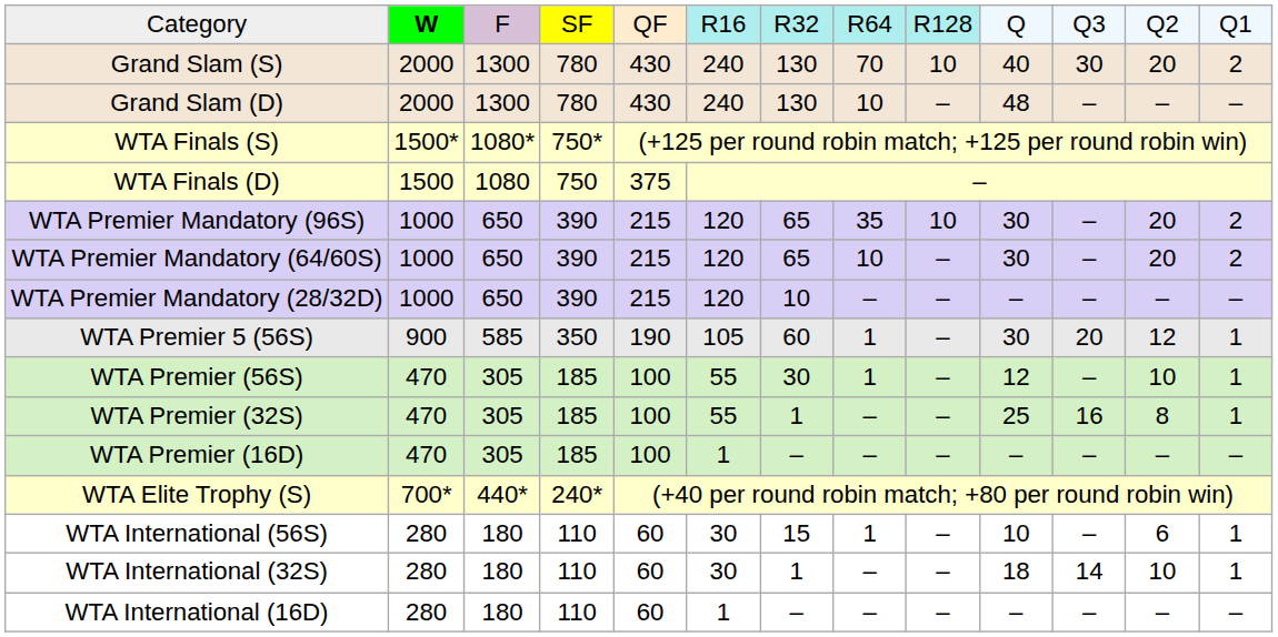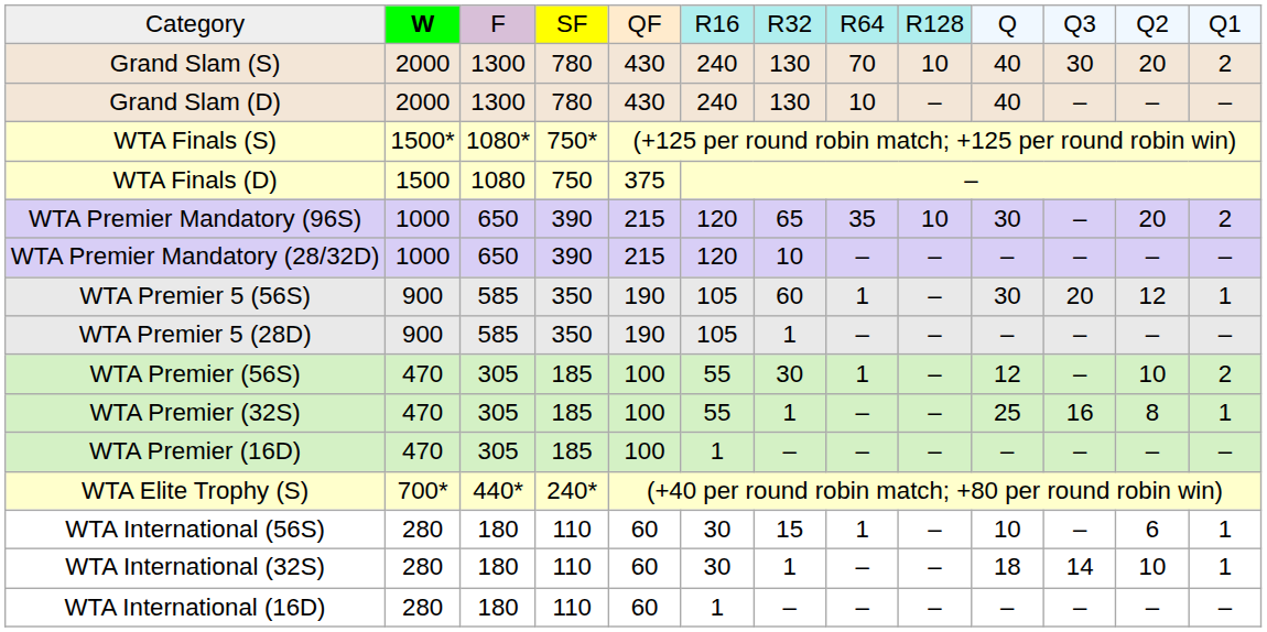 <table class="wikitable">
 <tr align=center>
 <td style="background:#efefef;">Category</td>
 <td style="width:40px; background:lime;"><strong>W</strong></td>
 <td style="width:40px; background:thistle;">F</td>
 <td style="width:40px; background:#ff0;">SF</td>
 <td style="width:40px; background:#ffebcd;">QF</td>
 <td style="width:40px; background:#afeeee;">R16</td>
 <td style="width:40px; background:#afeeee;">R32</td>
 <td style="width:40px; background:#afeeee;">R64</td>
 <td style="width:40px; background:#afeeee;">R128</td>
 <td style="width:40px; background:#f0f8ff;">Q</td>
 <td style="width:40px; background:#f0f8ff;">Q3</td>
 <td style="width:40px; background:#f0f8ff;">Q2</td>
 <td style="width:40px; background:#f0f8ff;">Q1</td>
 </tr>
 <tr style="text-align:center; background:#F3E6D7;">
 <td>Grand Slam (S)</td>
 <td>2000</td>
 <td>1300</td>
 <td>780</td>
 <td>430</td>
 <td>240</td>
 <td>130</td>
 <td>70</td>
 <td>10</td>
 <td>40</td>
 <td>30</td>
 <td>20</td>
 <td>2</td>
 </tr>
 <tr style="text-align:center; background:#F3E6D7;">
 <td>Grand Slam (D)</td>
 <td>2000</td>
 <td>1300</td>
 <td>780</td>
 <td>430</td>
 <td>240</td>
 <td>130</td>
 <td>10</td>
 <td>–</td>
-<td>48</td>
+<td>40</td>
 <td>–</td>
 <td>–</td>
 <td>–</td>
 </tr>
 <tr style="text-align:center; background:#ffc;">
 <td>WTA Finals (S)</td>
 <td>1500*</td>
 <td>1080*</td>
 <td>750*</td>
 <td colspan="9" style="text-align:center">(+125 per round robin match; +125 per round robin win)</td>
 </tr>
 <tr style="text-align:center; background:#ffc;">
 <td>WTA Finals (D)</td>
 <td>1500</td>
 <td>1080</td>
 <td>750</td>
 <td>375</td>
 <td colspan="8" style="text-align:center">–</td>
 </tr>
 <tr style="text-align:center; background:#d8cef6;">
 <td>WTA Premier Mandatory (96S)</td>
 <td>1000</td>
 <td>650</td>
 <td>390</td>
 <td>215</td>
 <td>120</td>
 <td>65</td>
 <td>35</td>
 <td>10</td>
 <td>30</td>
 <td>–</td>
 <td>20</td>
 <td>2</td>
 </tr>
 <tr style="text-align:center; background:#d8cef6;">
-<td>WTA Premier Mandatory (64/60S)</td>
-<td>1000</td>
-<td>650</td>
-<td>390</td>
-<td>215</td>
-<td>120</td>
-<td>65</td>
-<td>10</td>
-<td>–</td>
-<td>30</td>
-<td>–</td>
-<td>20</td>
-<td>2</td>
-</tr>
-<tr style="text-align:center; background:#d8cef6;">
 <td>WTA Premier Mandatory (28/32D)</td>
 <td>1000</td>
 <td>650</td>
 <td>390</td>
 <td>215</td>
 <td>120</td>
 <td>10</td>
 <td>–</td>
 <td>–</td>
 <td>–</td>
 <td>–</td>
 <td>–</td>
 <td>–</td>
 </tr>
 <tr style="text-align:center; background:#E9E9E9;">
 <td>WTA Premier 5 (56S)</td>
 <td>900</td>
 <td>585</td>
 <td>350</td>
 <td>190</td>
 <td>105</td>
 <td>60</td>
 <td>1</td>
 <td>–</td>
 <td>30</td>
 <td>20</td>
 <td>12</td>
 <td>1</td>
 </tr>
+<tr style="text-align:center; background:#E9E9E9;">
+<td>WTA Premier 5 (28D)</td>
+<td>900</td>
+<td>585</td>
+<td>350</td>
+<td>190</td>
+<td>105</td>
+<td>1</td>
+<td>–</td>
+<td>–</td>
+<td>–</td>
+<td>–</td>
+<td>–</td>
+<td>–</td>
+</tr>
 <tr style="text-align:center; background:#D4F1C5;">
 <td>WTA Premier (56S)</td>
 <td>470</td>
 <td>305</td>
 <td>185</td>
 <td>100</td>
 <td>55</td>
 <td>30</td>
 <td>1</td>
 <td>–</td>
 <td>12</td>
 <td>–</td>
 <td>10</td>
-<td>1</td>
+<td>2</td>
 </tr>
 <tr style="text-align:center; background:#D4F1C5;">
 <td>WTA Premier (32S)</td>
 <td>470</td>
 <td>305</td>
 <td>185</td>
 <td>100</td>
 <td>55</td>
 <td>1</td>
 <td>–</td>
 <td>–</td>
 <td>25</td>
 <td>16</td>
 <td>8</td>
 <td>1</td>
 </tr>
 <tr style="text-align:center; background:#D4F1C5;">
 <td>WTA Premier (16D)</td>
 <td>470</td>
 <td>305</td>
 <td>185</td>
 <td>100</td>
 <td>1</td>
 <td>–</td>
 <td>–</td>
 <td>–</td>
 <td>–</td>
 <td>–</td>
 <td>–</td>
 <td>–</td>
 </tr>
 <tr style="text-align:center; background:#ffc;">
 <td>WTA Elite Trophy (S)</td>
 <td>700*</td>
 <td>440*</td>
 <td>240*</td>
 <td colspan="9" style="text-align:center">(+40 per round robin match; +80 per round robin win)</td>
 </tr>
 <tr style="text-align:center; background:#fff;">
 <td>WTA International (56S)</td>
 <td>280</td>
 <td>180</td>
 <td>110</td>
 <td>60</td>
 <td>30</td>
 <td>15</td>
 <td>1</td>
 <td>–</td>
 <td>10</td>
 <td>–</td>
 <td>6</td>
 <td>1</td>
 </tr>
 <tr style="text-align:center; background:#fff;">
 <td>WTA International (32S)</td>
 <td>280</td>
 <td>180</td>
 <td>110</td>
 <td>60</td>
 <td>30</td>
 <td>1</td>
 <td>–</td>
 <td>–</td>
 <td>18</td>
 <td>14</td>
 <td>10</td>
 <td>1</td>
 </tr>
 <tr style="text-align:center; background:#fff;">
 <td>WTA International (16D)</td>
 <td>280</td>
 <td>180</td>
 <td>110</td>
 <td>60</td>
 <td>1</td>
 <td>–</td>
 <td>–</td>
 <td>–</td>
 <td>–</td>
 <td>–</td>
 <td>–</td>
 <td>–</td>
 </tr>
 </table>
